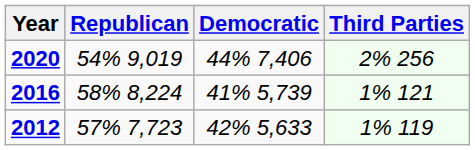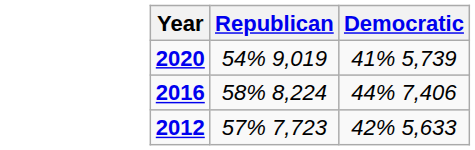 <table class="wikitable" style="float:right; font-size:95%;">
 <tr bgcolor=lightgrey>
 <th>Year</th>
 <th><a href='#'>Republican</a></th>
 <th><a href='#'>Democratic</a></th>
-<th><a href='#'>Third Parties</a></th>
 </tr>
 <tr>
 <td style="text-align:center; "><strong><a href='#'>2020</a></strong></td>
 <td style="text-align:center; "><em>54%</em> <em>9,019</em></td>
-<td style="text-align:center; "><em>44%</em> <em>7,406</em></td>
-<td style="text-align:center; background:honeyDew;"><em>2%</em> <em>256</em></td>
+<td style="text-align:center; "><em>41%</em> <em>5,739</em></td>
 </tr>
 <tr>
 <td style="text-align:center; "><strong><a href='#'>2016</a></strong></td>
 <td style="text-align:center; "><em>58%</em> <em>8,224</em></td>
-<td style="text-align:center; "><em>41%</em> <em>5,739</em></td>
-<td style="text-align:center; background:honeyDew;"><em>1%</em> <em>121</em></td>
+<td style="text-align:center; "><em>44%</em> <em>7,406</em></td>
 </tr>
 <tr>
 <td style="text-align:center; "><strong><a href='#'>2012</a></strong></td>
 <td style="text-align:center; "><em>57%</em> <em>7,723</em></td>
 <td style="text-align:center; "><em>42%</em> <em>5,633</em></td>
-<td style="text-align:center; background:honeyDew;"><em>1%</em> <em>119</em></td>
 </tr>
 </table>
